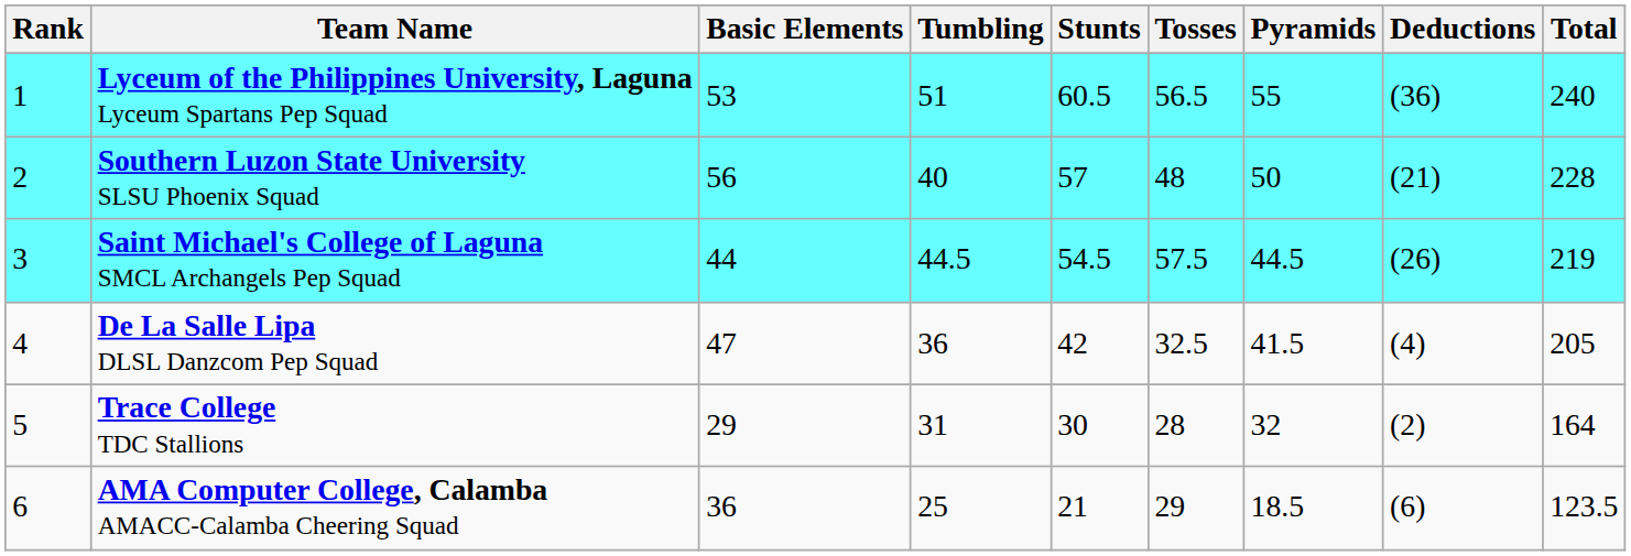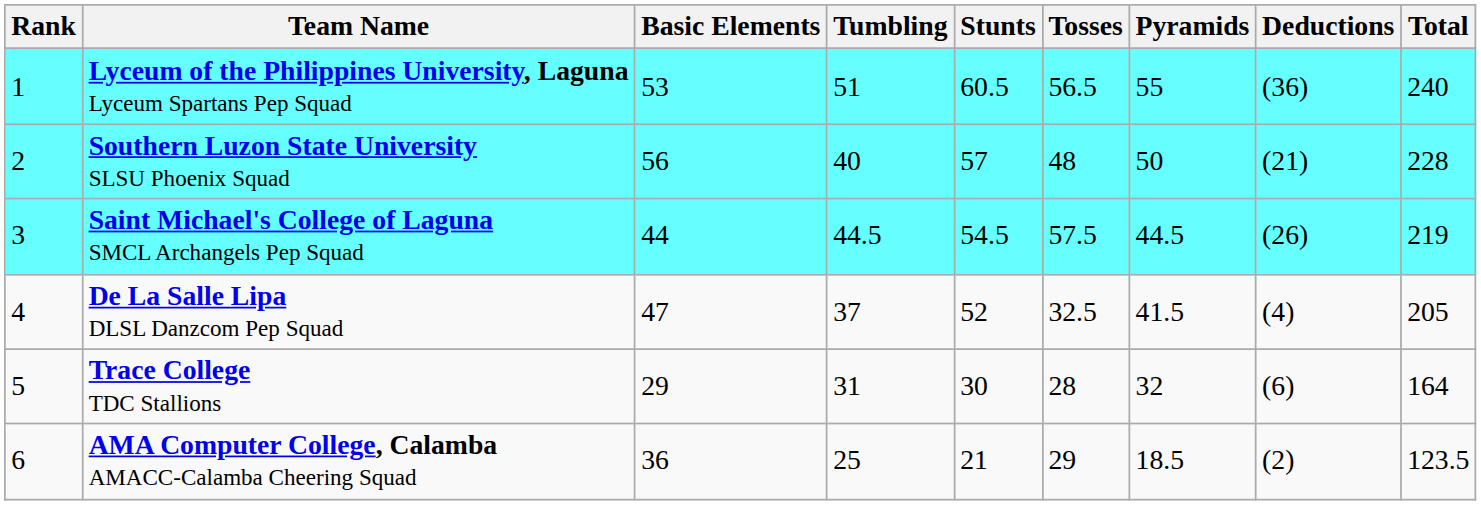 <table class="wikitable" style="text align: center">
 <tr bgcolor="#efefef">
 <th>Rank</th>
 <th>Team Name</th>
 <th>Basic Elements</th>
 <th>Tumbling</th>
 <th>Stunts</th>
 <th>Tosses</th>
 <th>Pyramids</th>
 <th>Deductions</th>
 <th>Total</th>
 </tr>
 <tr bgcolor="66FFFF">
 <td>1</td>
 <td><strong><a href='#'>Lyceum of the Philippines University</a>, Laguna</strong> <br> <small> Lyceum Spartans Pep Squad </small></td>
 <td>53</td>
 <td>51</td>
 <td>60.5</td>
 <td>56.5</td>
 <td>55</td>
 <td>(36)</td>
 <td>240</td>
 </tr>
 <tr bgcolor="66FFFF">
 <td>2</td>
 <td><strong><a href='#'>Southern Luzon State University</a></strong> <br> <small> SLSU Phoenix Squad </small></td>
 <td>56</td>
 <td>40</td>
 <td>57</td>
 <td>48</td>
 <td>50</td>
 <td>(21)</td>
 <td>228</td>
 </tr>
 <tr bgcolor="66FFFF">
 <td>3</td>
 <td><strong><a href='#'>Saint Michael's College of Laguna</a></strong> <br> <small> SMCL Archangels Pep Squad </small></td>
 <td>44</td>
 <td>44.5</td>
 <td>54.5</td>
 <td>57.5</td>
 <td>44.5</td>
 <td>(26)</td>
 <td>219</td>
 </tr>
 <tr>
 <td>4</td>
 <td><strong><a href='#'>De La Salle Lipa</a></strong> <br> <small> DLSL Danzcom Pep Squad </small></td>
 <td>47</td>
-<td>36</td>
-<td>42</td>
+<td>37</td>
+<td>52</td>
 <td>32.5</td>
 <td>41.5</td>
 <td>(4)</td>
 <td>205</td>
 </tr>
 <tr>
 <td>5</td>
 <td><strong><a href='#'>Trace College</a></strong> <br> <small> TDC Stallions </small></td>
 <td>29</td>
 <td>31</td>
 <td>30</td>
 <td>28</td>
 <td>32</td>
-<td>(2)</td>
+<td>(6)</td>
 <td>164</td>
 </tr>
 <tr>
 <td>6</td>
 <td><strong><a href='#'>AMA Computer College</a>, Calamba</strong> <br> <small> AMACC-Calamba Cheering Squad </small></td>
 <td>36</td>
 <td>25</td>
 <td>21</td>
 <td>29</td>
 <td>18.5</td>
-<td>(6)</td>
+<td>(2)</td>
 <td>123.5</td>
 </tr>
 </table>
